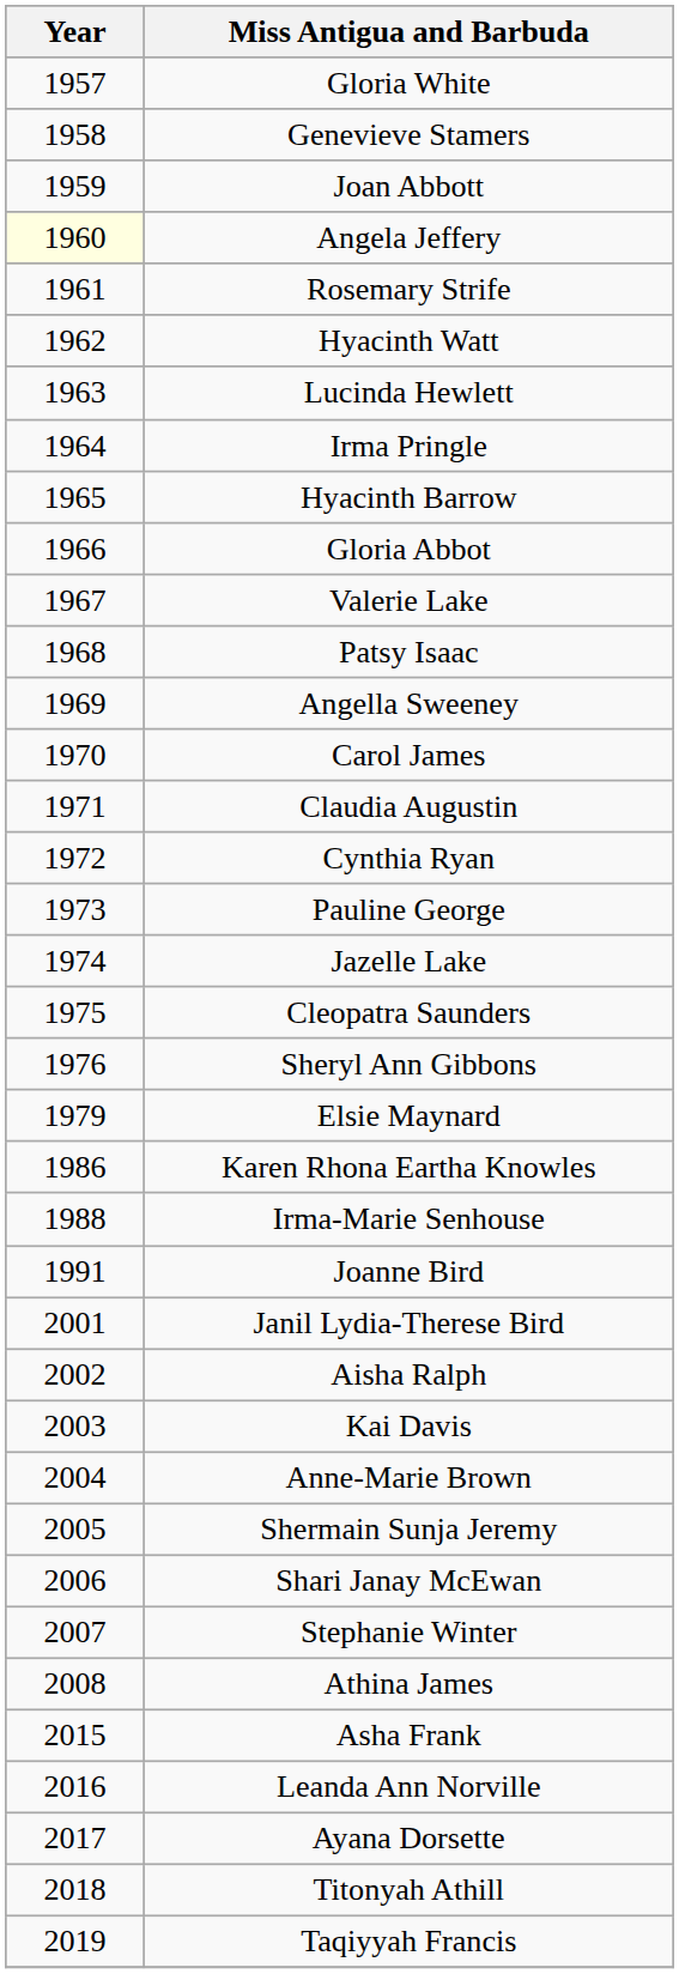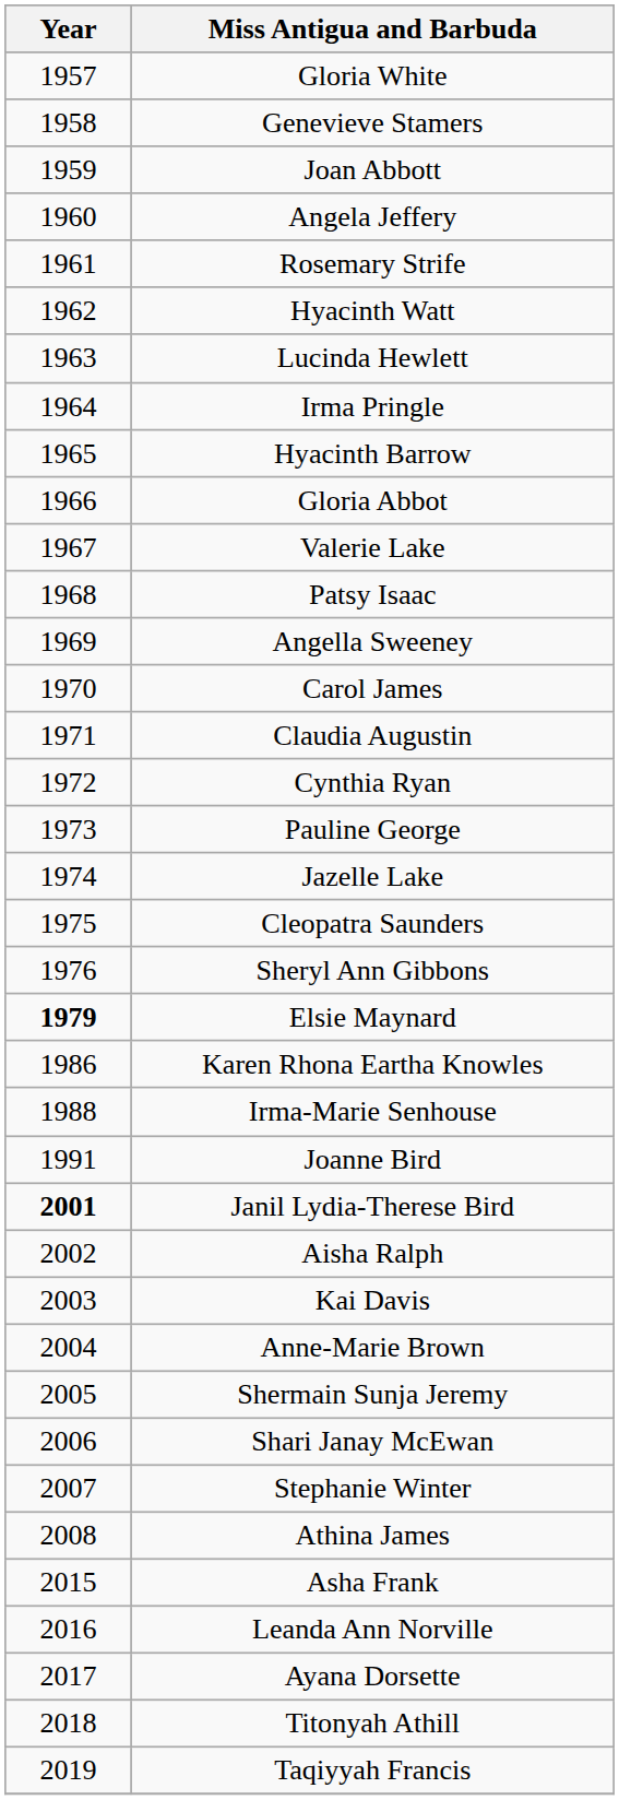 <table class="wikitable sortable" style="font-size: 95%; text-align:center">
 <tr>
 <th width="60">Year</th>
 <th width="250">Miss Antigua and Barbuda</th>
 </tr>
 <tr>
 <td>1957</td>
 <td>Gloria White</td>
 </tr>
 <tr>
 <td>1958</td>
 <td>Genevieve Stamers</td>
 </tr>
 <tr>
 <td>1959</td>
 <td>Joan Abbott</td>
 </tr>
 <tr>
-<td style="background: lightyellow;">1960</td>
+<td>1960</td>
 <td>Angela Jeffery</td>
 </tr>
 <tr>
 <td>1961</td>
 <td>Rosemary Strife</td>
 </tr>
 <tr>
 <td>1962</td>
 <td>Hyacinth Watt</td>
 </tr>
 <tr>
 <td>1963</td>
 <td>Lucinda Hewlett</td>
 </tr>
 <tr>
 <td>1964</td>
 <td>Irma Pringle</td>
 </tr>
 <tr>
 <td>1965</td>
 <td>Hyacinth Barrow</td>
 </tr>
 <tr>
 <td>1966</td>
 <td>Gloria Abbot</td>
 </tr>
 <tr>
 <td>1967</td>
 <td>Valerie Lake</td>
 </tr>
 <tr>
 <td>1968</td>
 <td>Patsy Isaac</td>
 </tr>
 <tr>
 <td>1969</td>
 <td>Angella Sweeney</td>
 </tr>
 <tr>
 <td>1970</td>
 <td>Carol James</td>
 </tr>
 <tr>
 <td>1971</td>
 <td>Claudia Augustin</td>
 </tr>
 <tr>
 <td>1972</td>
 <td>Cynthia Ryan</td>
 </tr>
 <tr>
 <td>1973</td>
 <td>Pauline George</td>
 </tr>
 <tr>
 <td>1974</td>
 <td>Jazelle Lake</td>
 </tr>
 <tr>
 <td>1975</td>
 <td>Cleopatra Saunders</td>
 </tr>
 <tr>
 <td>1976</td>
 <td>Sheryl Ann Gibbons</td>
 </tr>
 <tr>
-<td>1979</td>
+<td><strong>1979</strong></td>
 <td>Elsie Maynard</td>
 </tr>
 <tr>
 <td>1986</td>
 <td>Karen Rhona Eartha Knowles</td>
 </tr>
 <tr>
 <td>1988</td>
 <td>Irma-Marie Senhouse</td>
 </tr>
 <tr>
 <td>1991</td>
 <td>Joanne Bird</td>
 </tr>
 <tr>
-<td>2001</td>
+<td><strong>2001</strong></td>
 <td>Janil Lydia-Therese Bird</td>
 </tr>
 <tr>
 <td>2002</td>
 <td>Aisha Ralph</td>
 </tr>
 <tr>
 <td>2003</td>
 <td>Kai Davis</td>
 </tr>
 <tr>
 <td>2004</td>
 <td>Anne-Marie Brown</td>
 </tr>
 <tr>
 <td>2005</td>
 <td>Shermain Sunja Jeremy</td>
 </tr>
 <tr>
 <td>2006</td>
 <td>Shari Janay McEwan</td>
 </tr>
 <tr>
 <td>2007</td>
 <td>Stephanie Winter</td>
 </tr>
 <tr>
 <td>2008</td>
 <td>Athina James</td>
 </tr>
 <tr>
 <td>2015</td>
 <td>Asha Frank</td>
 </tr>
 <tr>
 <td>2016</td>
 <td>Leanda Ann Norville</td>
 </tr>
 <tr>
 <td>2017</td>
 <td>Ayana Dorsette</td>
 </tr>
 <tr>
 <td>2018</td>
 <td>Titonyah Athill</td>
 </tr>
 <tr>
 <td>2019</td>
 <td>Taqiyyah Francis</td>
 </tr>
 <tr>
 </tr>
 </table>
